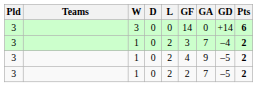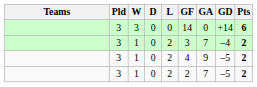 <table class="wikitable" style="text-align: center;">
 <tr>
+<th width=165>Teams</th>
 <th width=20>Pld</th>
-<th width=165>Teams</th>
 <th width=20>W</th>
 <th width=20>D</th>
 <th width=20>L</th>
 <th width=20>GF</th>
 <th width=20>GA</th>
 <th width=20>GD</th>
 <th width=20>Pts</th>
 </tr>
 <tr align=center style="background:#ccffcc;">
+<td style="text-align:left;"></td>
 <td>3</td>
-<td style="text-align:left;"></td>
 <td>3</td>
 <td>0</td>
 <td>0</td>
 <td>14</td>
 <td>0</td>
 <td>+14</td>
 <td><strong>6</strong></td>
 </tr>
 <tr align=center style="background:#ccffcc;">
+<td style="text-align:left;"></td>
 <td>3</td>
-<td style="text-align:left;"></td>
 <td>1</td>
 <td>0</td>
 <td>2</td>
 <td>3</td>
 <td>7</td>
 <td>–4</td>
 <td><strong>2</strong></td>
 </tr>
 <tr align=center>
+<td style="text-align:left;"></td>
 <td>3</td>
-<td style="text-align:left;"></td>
 <td>1</td>
 <td>0</td>
 <td>2</td>
 <td>4</td>
 <td>9</td>
 <td>–5</td>
 <td><strong>2</strong></td>
 </tr>
 <tr align=center>
+<td style="text-align:left;"></td>
 <td>3</td>
-<td style="text-align:left;"></td>
 <td>1</td>
 <td>0</td>
 <td>2</td>
 <td>2</td>
 <td>7</td>
 <td>–5</td>
 <td><strong>2</strong></td>
 </tr>
 </table>
